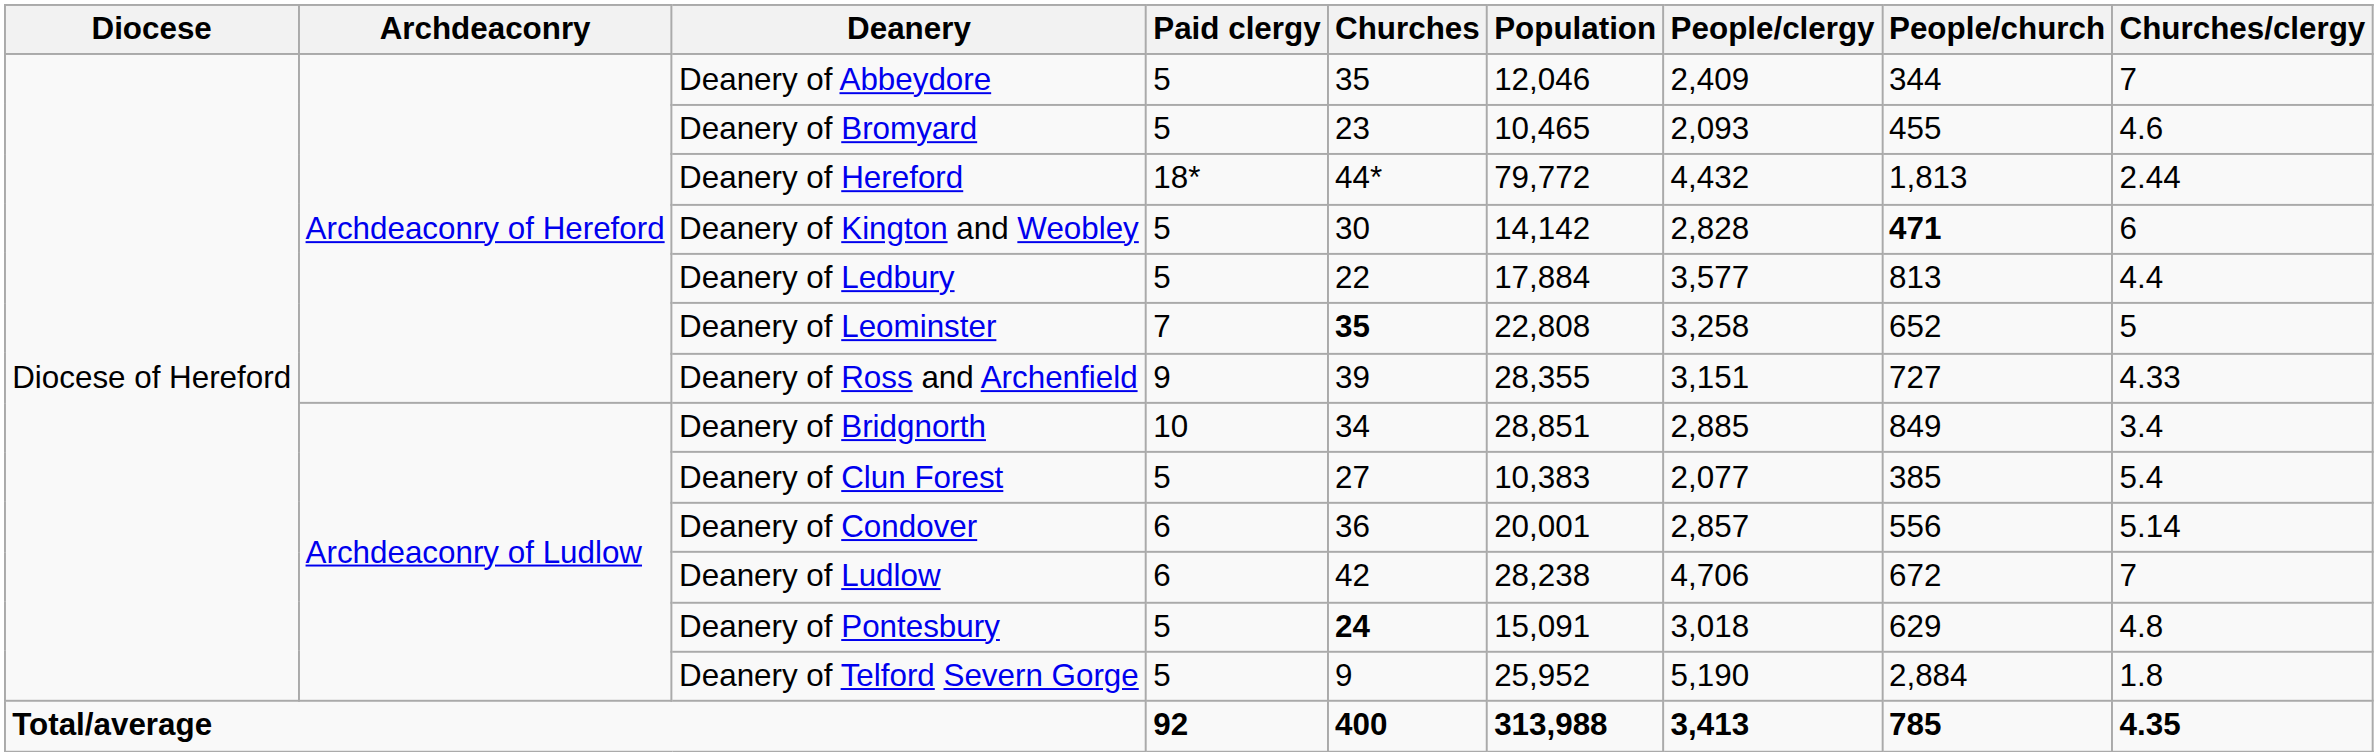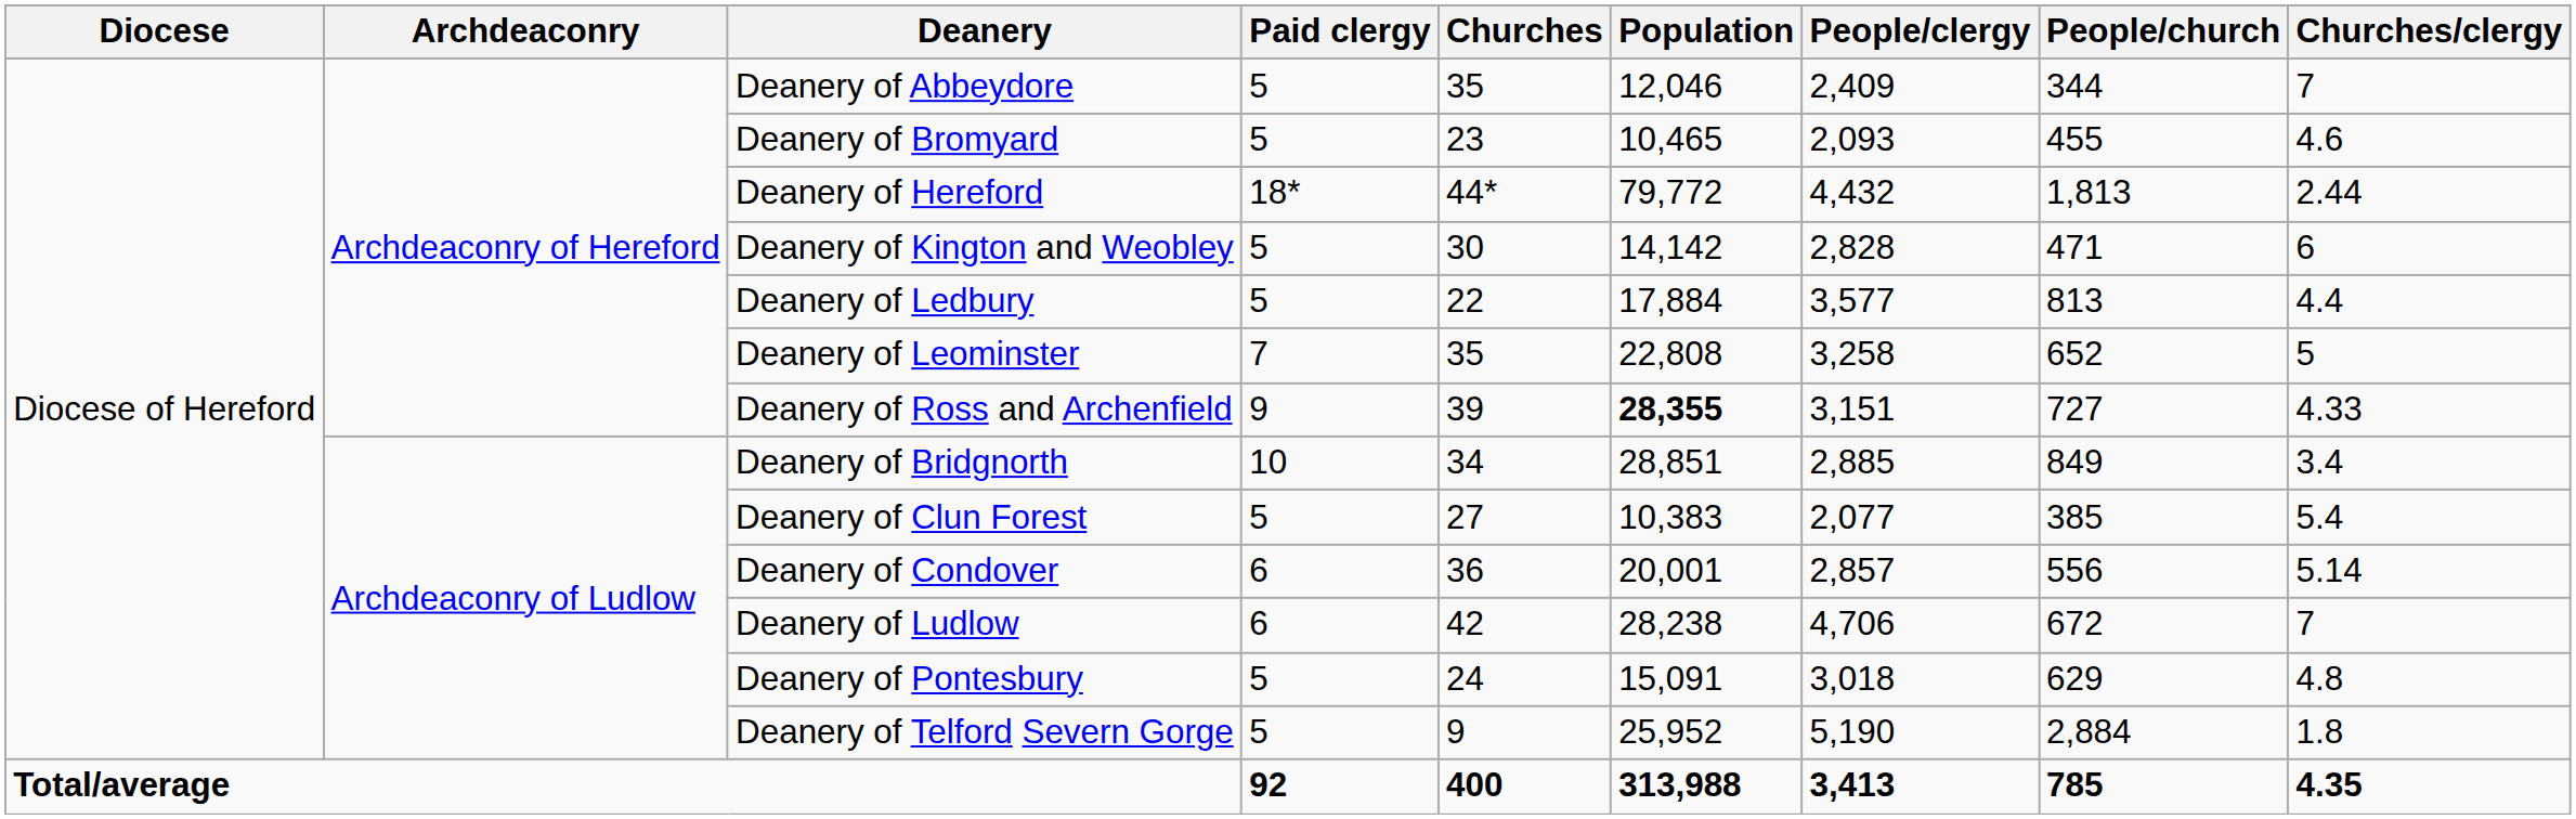 <table class="wikitable sortable">
 <tr>
 <th>Diocese</th>
 <th>Archdeaconry</th>
 <th>Deanery</th>
 <th>Paid clergy</th>
 <th>Churches</th>
 <th>Population</th>
 <th>People/clergy</th>
 <th>People/church</th>
 <th>Churches/clergy</th>
 </tr>
 <tr>
 <td rowspan="13">Diocese of Hereford</td>
 <td rowspan="7"><a href='#'>Archdeaconry of Hereford</a></td>
 <td>Deanery of <a href='#'>Abbeydore</a></td>
 <td>5</td>
 <td>35</td>
 <td>12,046</td>
 <td>2,409</td>
 <td>344</td>
 <td>7</td>
 </tr>
 <tr>
 <td>Deanery of <a href='#'>Bromyard</a></td>
 <td>5</td>
 <td>23</td>
 <td>10,465</td>
 <td>2,093</td>
 <td>455</td>
 <td>4.6</td>
 </tr>
 <tr>
 <td>Deanery of <a href='#'>Hereford</a></td>
 <td>18*</td>
 <td>44*</td>
 <td>79,772</td>
 <td>4,432</td>
 <td>1,813</td>
 <td>2.44</td>
 </tr>
 <tr>
 <td>Deanery of <a href='#'>Kington</a> and <a href='#'>Weobley</a></td>
 <td>5</td>
 <td>30</td>
 <td>14,142</td>
 <td>2,828</td>
-<td><strong>471</strong></td>
+<td>471</td>
 <td>6</td>
 </tr>
 <tr>
 <td>Deanery of <a href='#'>Ledbury</a></td>
 <td>5</td>
 <td>22</td>
 <td>17,884</td>
 <td>3,577</td>
 <td>813</td>
 <td>4.4</td>
 </tr>
 <tr>
 <td>Deanery of <a href='#'>Leominster</a></td>
 <td>7</td>
-<td><strong>35</strong></td>
+<td>35</td>
 <td>22,808</td>
 <td>3,258</td>
 <td>652</td>
 <td>5</td>
 </tr>
 <tr>
 <td>Deanery of <a href='#'>Ross</a> and <a href='#'>Archenfield</a></td>
 <td>9</td>
 <td>39</td>
-<td>28,355</td>
+<td><strong>28,355</strong></td>
 <td>3,151</td>
 <td>727</td>
 <td>4.33</td>
 </tr>
 <tr>
 <td rowspan="6"><a href='#'>Archdeaconry of Ludlow</a></td>
 <td>Deanery of <a href='#'>Bridgnorth</a></td>
 <td>10</td>
 <td>34</td>
 <td>28,851</td>
 <td>2,885</td>
 <td>849</td>
 <td>3.4</td>
 </tr>
 <tr>
 <td>Deanery of <a href='#'>Clun Forest</a></td>
 <td>5</td>
 <td>27</td>
 <td>10,383</td>
 <td>2,077</td>
 <td>385</td>
 <td>5.4</td>
 </tr>
 <tr>
 <td>Deanery of <a href='#'>Condover</a></td>
 <td>6</td>
 <td>36</td>
 <td>20,001</td>
 <td>2,857</td>
 <td>556</td>
 <td>5.14</td>
 </tr>
 <tr>
 <td>Deanery of <a href='#'>Ludlow</a></td>
 <td>6</td>
 <td>42</td>
 <td>28,238</td>
 <td>4,706</td>
 <td>672</td>
 <td>7</td>
 </tr>
 <tr>
 <td>Deanery of <a href='#'>Pontesbury</a></td>
 <td>5</td>
-<td><strong>24</strong></td>
+<td>24</td>
 <td>15,091</td>
 <td>3,018</td>
 <td>629</td>
 <td>4.8</td>
 </tr>
 <tr>
 <td>Deanery of <a href='#'>Telford</a> <a href='#'>Severn Gorge</a></td>
 <td>5</td>
 <td>9</td>
 <td>25,952</td>
 <td>5,190</td>
 <td>2,884</td>
 <td>1.8</td>
 </tr>
 <tr>
 <td colspan="3"><strong>Total/average</strong></td>
 <td><strong>92</strong></td>
 <td><strong>400</strong></td>
 <td><strong>313,988</strong></td>
 <td><strong>3,413</strong></td>
 <td><strong>785</strong></td>
 <td><strong>4.35</strong></td>
 </tr>
 </table>
